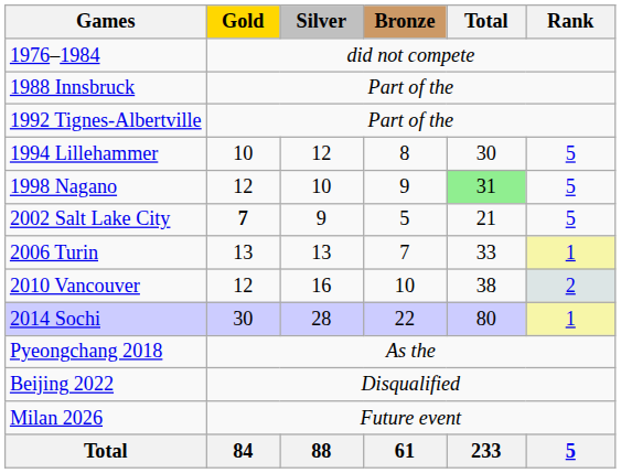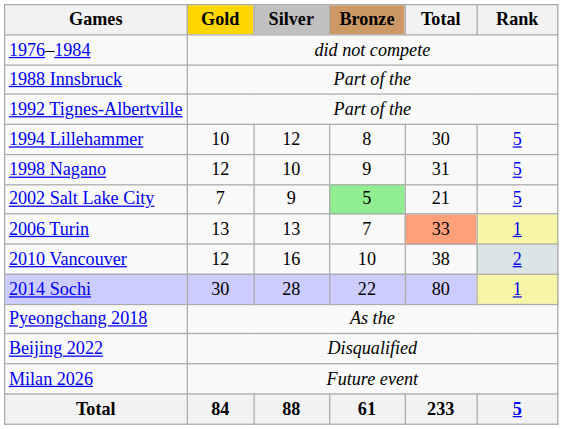 <table class="wikitable" style="text-align:center; font-size:90%;">
 <tr>
 <th>Games</th>
 <td style="background:gold; width:3.2em; font-weight:bold;">Gold</td>
 <td style="background:silver; width:3.7em; font-weight:bold;">Silver</td>
 <td style="background:#c96; width:3.7em; font-weight:bold;">Bronze</td>
 <th style="width:3.5em; font-weight:bold;">Total</th>
 <th style="width:4em; font-weight:bold;">Rank</th>
 </tr>
 <tr>
 <td align="left"><a href='#'>1976</a>–<a href='#'>1984</a></td>
 <td colspan=5><em>did not compete</em></td>
 </tr>
 <tr>
 <td align=left> <a href='#'>1988 Innsbruck</a></td>
 <td colspan=5><em>Part of the </em></td>
 </tr>
 <tr>
 <td align=left> <a href='#'>1992 Tignes-Albertville</a></td>
 <td colspan=5><em>Part of the </em></td>
 </tr>
 <tr>
 <td align=left> <a href='#'>1994 Lillehammer</a></td>
 <td>10</td>
 <td>12</td>
 <td>8</td>
 <td>30</td>
 <td><a href='#'>5</a></td>
 </tr>
 <tr>
 <td align=left> <a href='#'>1998 Nagano</a></td>
 <td>12</td>
 <td>10</td>
 <td>9</td>
-<td style="background: lightgreen;">31</td>
+<td>31</td>
 <td><a href='#'>5</a></td>
 </tr>
 <tr>
 <td align=left> <a href='#'>2002 Salt Lake City</a></td>
-<td><strong>7</strong></td>
+<td>7</td>
 <td>9</td>
-<td>5</td>
+<td style="background: lightgreen;">5</td>
 <td>21</td>
 <td><a href='#'>5</a></td>
 </tr>
 <tr>
 <td align=left> <a href='#'>2006 Turin</a></td>
 <td>13</td>
 <td>13</td>
 <td>7</td>
-<td>33</td>
+<td style="background: lightsalmon;">33</td>
 <td style="background:#f7f6a8;"><a href='#'>1</a></td>
 </tr>
 <tr>
 <td align=left> <a href='#'>2010 Vancouver</a></td>
 <td>12</td>
 <td>16</td>
 <td>10</td>
 <td>38</td>
 <td style="background:#dce5e5;"><a href='#'>2</a></td>
 </tr>
 <tr bgcolor=ccccff>
 <td align=left> <a href='#'>2014 Sochi</a></td>
 <td>30</td>
 <td>28</td>
 <td>22</td>
 <td>80</td>
 <td style="background:#f7f6a8;"><a href='#'>1</a></td>
 </tr>
 <tr>
 <td align="left"> <a href='#'>Pyeongchang 2018</a></td>
 <td colspan=5><em>As the </em></td>
 </tr>
 <tr>
 <td align="left"> <a href='#'>Beijing 2022</a></td>
 <td colspan=5><em>Disqualified</em></td>
 </tr>
 <tr>
 <td align="left"> <a href='#'>Milan 2026</a></td>
 <td colspan=5><em>Future event</em></td>
 </tr>
 <tr>
 <th>Total</th>
 <th>84</th>
 <th>88</th>
 <th>61</th>
 <th>233</th>
 <th><a href='#'>5</a></th>
 </tr>
 </table>
